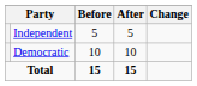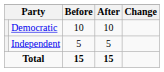 <table class="wikitable" style="text-align:center;">
 <tr>
 </tr>
 <tr>
 <th colspan=2>Party</th>
 <th>Before</th>
 <th>After</th>
 <th>Change</th>
 </tr>
 <tr>
 <th style="background-color:"></th>
-<td style="text-align:left;"><a href='#'>Independent</a></td>
-<td>5</td>
-<td>5</td>
+<td style="text-align:left;"><a href='#'>Democratic</a></td>
+<td>10</td>
+<td>10</td>
 <td></td>
 </tr>
 <tr>
 <th style="background-color:"></th>
-<td style="text-align:left;"><a href='#'>Democratic</a></td>
-<td>10</td>
-<td>10</td>
+<td style="text-align:left;"><a href='#'>Independent</a></td>
+<td>5</td>
+<td>5</td>
 <td></td>
 </tr>
 <tr>
 <td colspan=2><strong>Total</strong></td>
 <td><strong>15</strong></td>
 <td><strong>15</strong></td>
 <td></td>
 </tr>
 </table>
